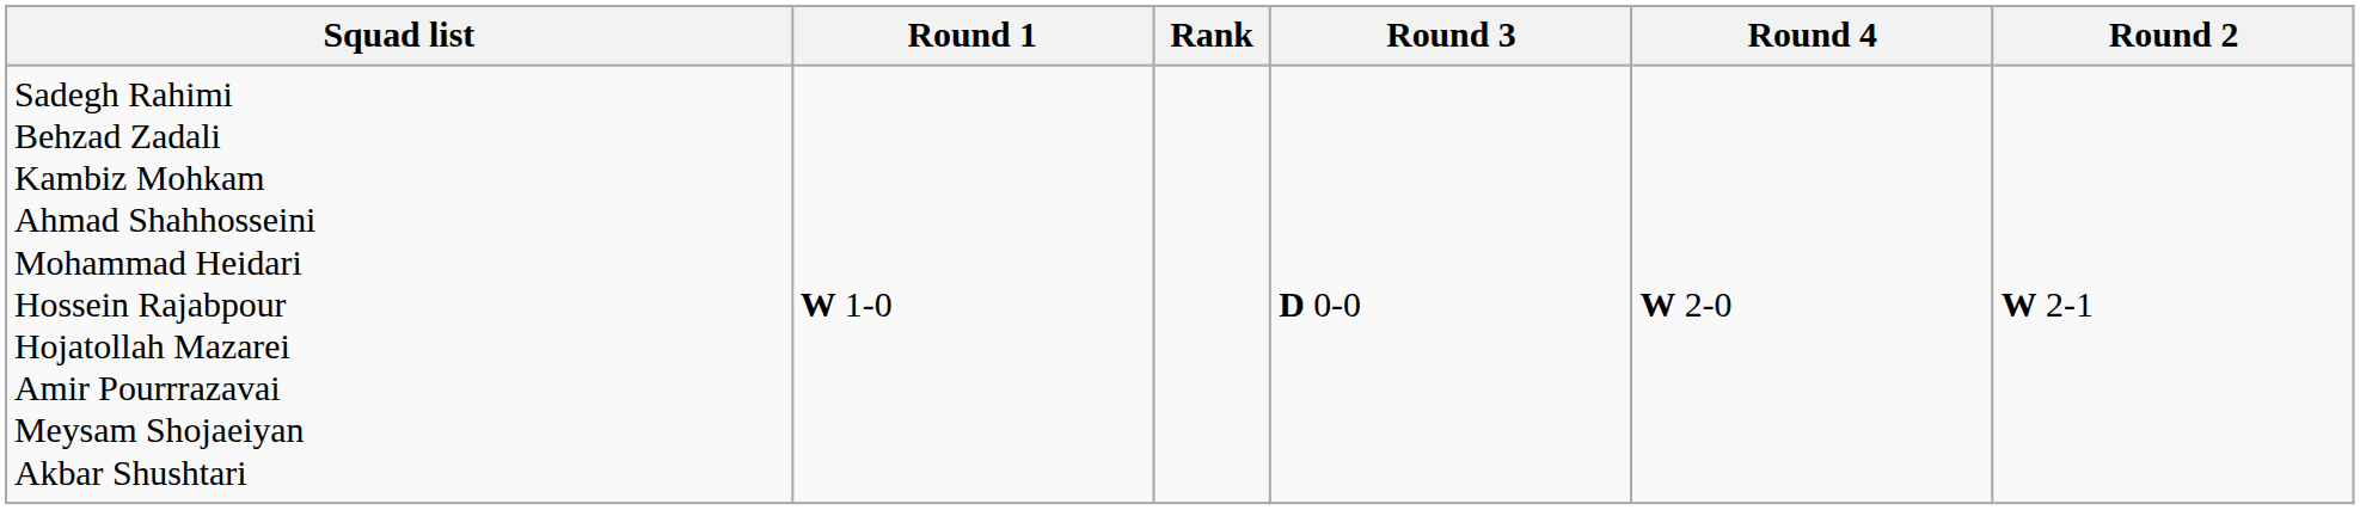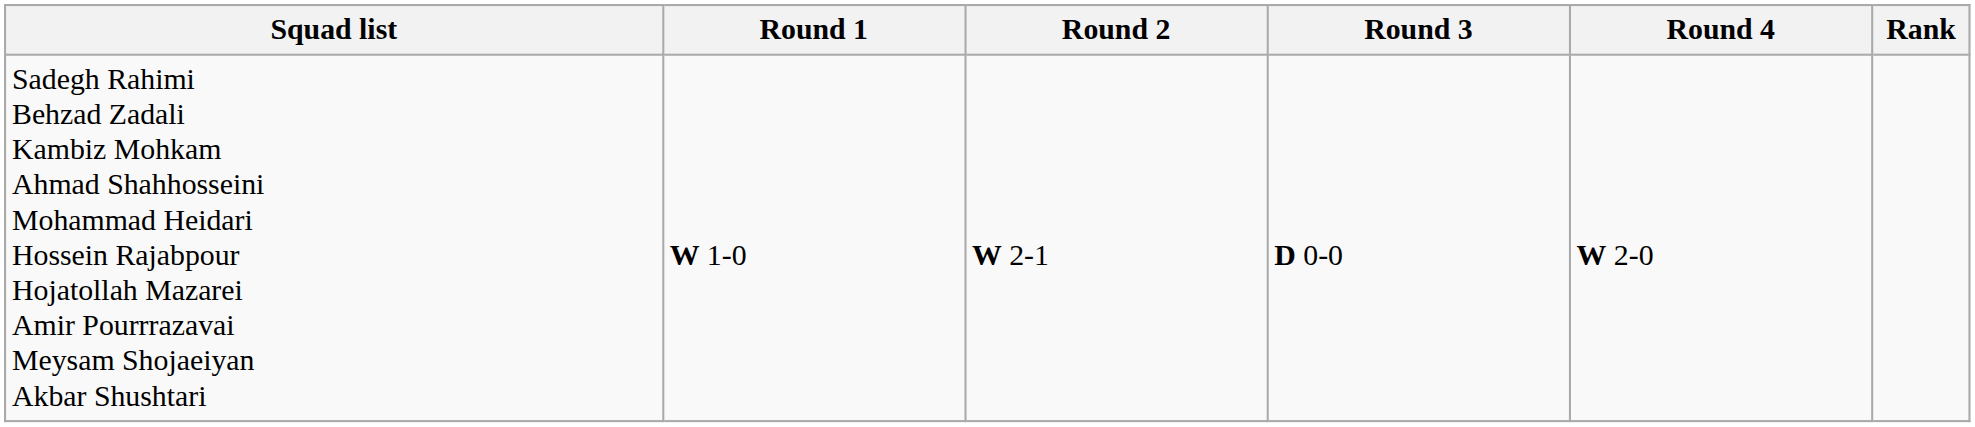 <table class="wikitable" width="60%" style="text-align:left; font-size:90%">
 <tr>
 <th>Squad list</th>
 <th idth="14%">Round 1</th>
-<th width="5%">Rank</th>
+<th idth="14%">Round 2</th>
 <th idth="14%">Round 3</th>
 <th idth="14%">Round 4</th>
-<th idth="14%">Round 2</th>
+<th width="5%">Rank</th>
 </tr>
 <tr>
 <td>Sadegh Rahimi<br>Behzad Zadali<br>Kambiz Mohkam<br>Ahmad Shahhosseini<br>Mohammad Heidari<br>Hossein Rajabpour<br>Hojatollah Mazarei <br>Amir Pourrrazavai<br>Meysam Shojaeiyan<br>Akbar Shushtari</td>
 <td><br><strong>W</strong> 1-0</td>
-<td></td>
+<td><br><strong>W</strong> 2-1</td>
 <td><br><strong>D</strong> 0-0</td>
 <td><br><strong>W</strong> 2-0</td>
-<td><br><strong>W</strong> 2-1</td>
+<td></td>
 </tr>
 </table>
